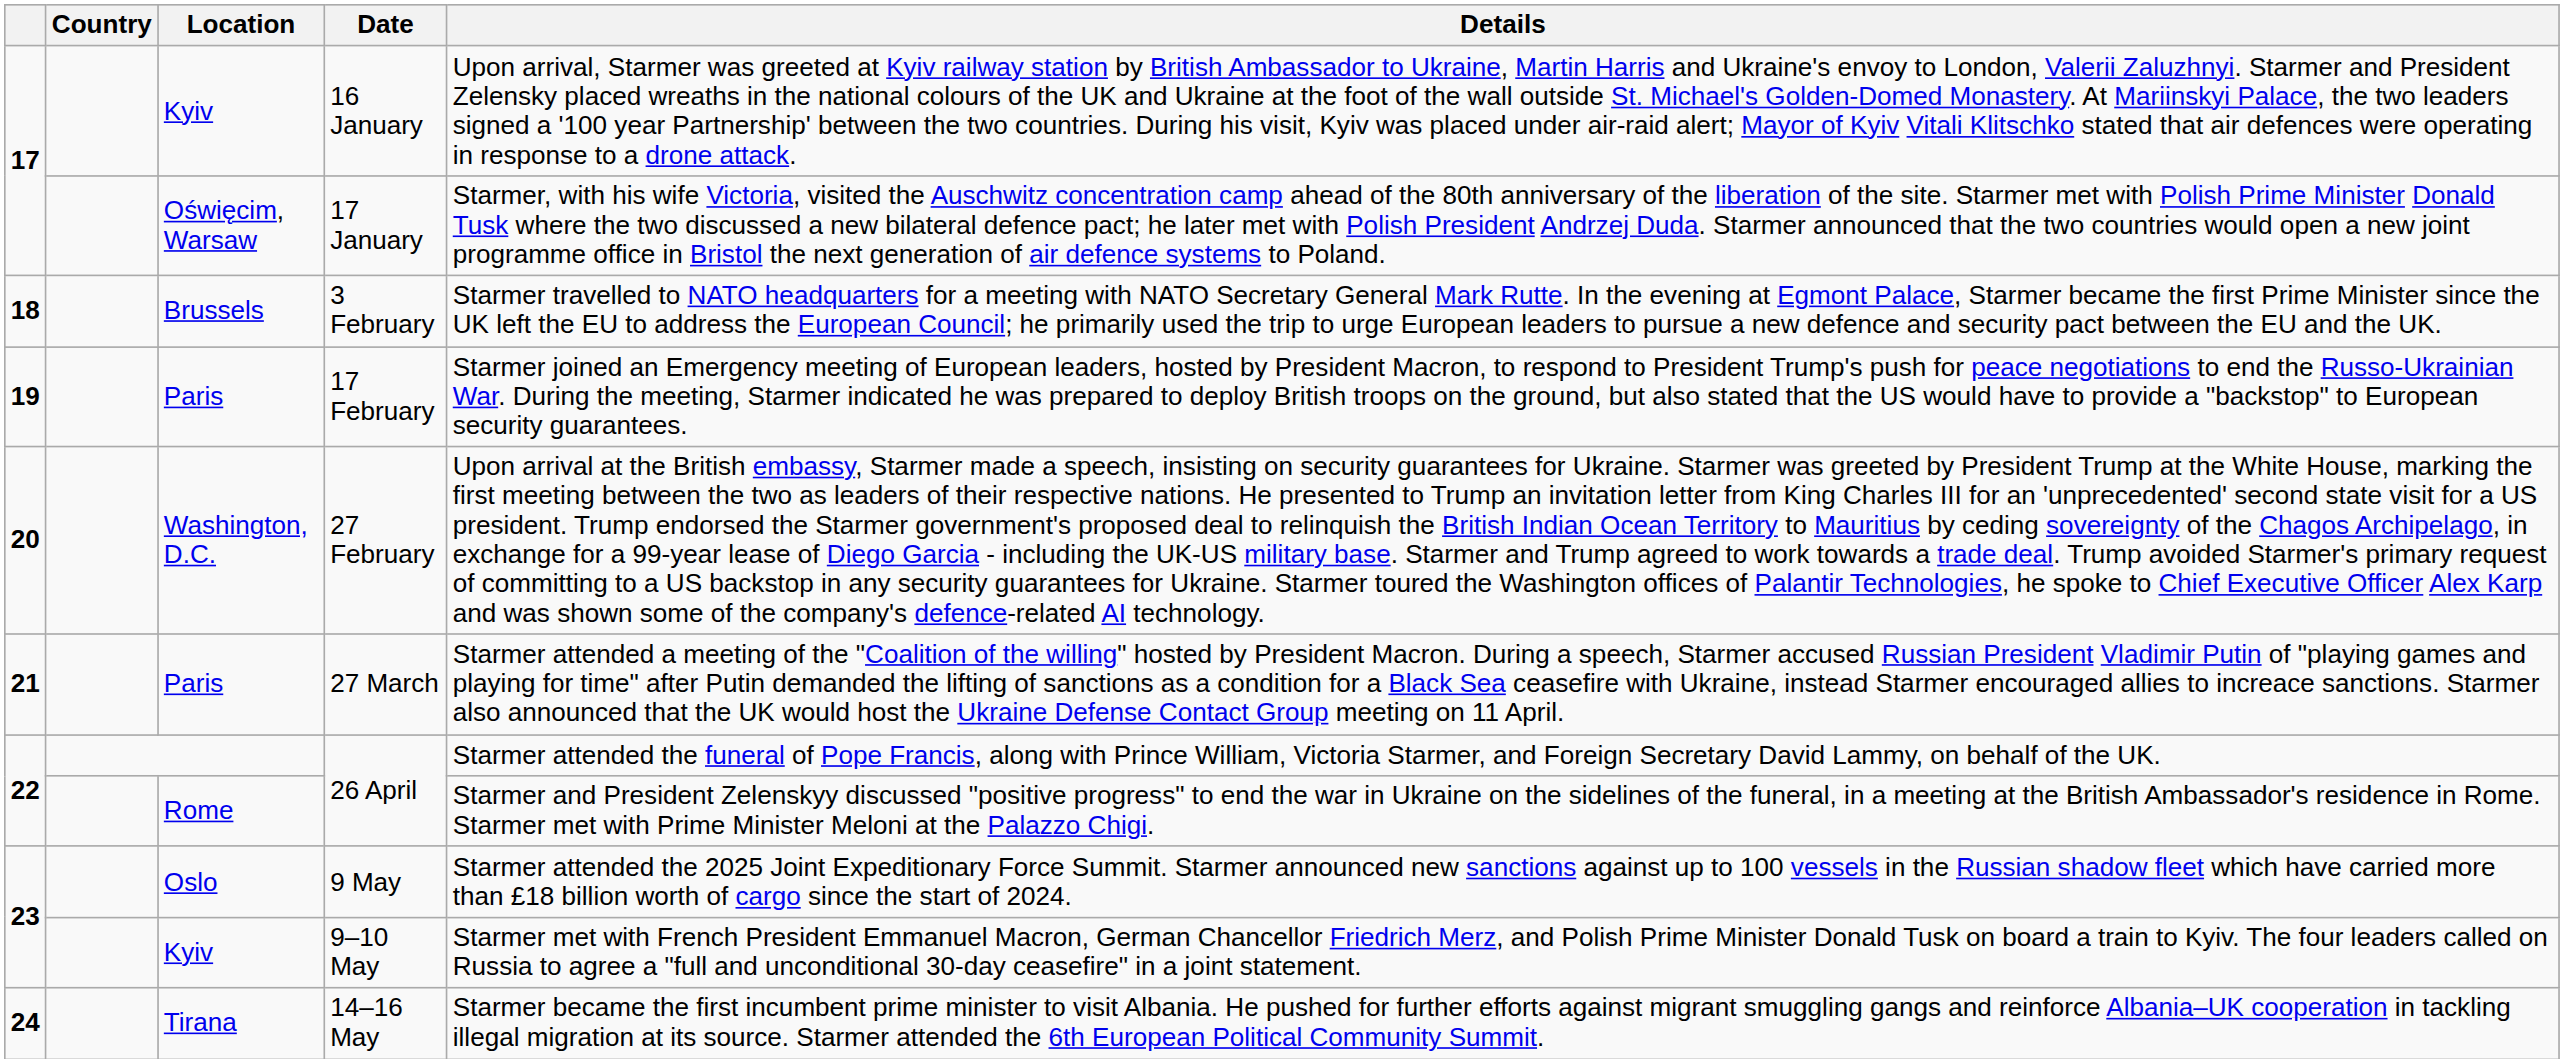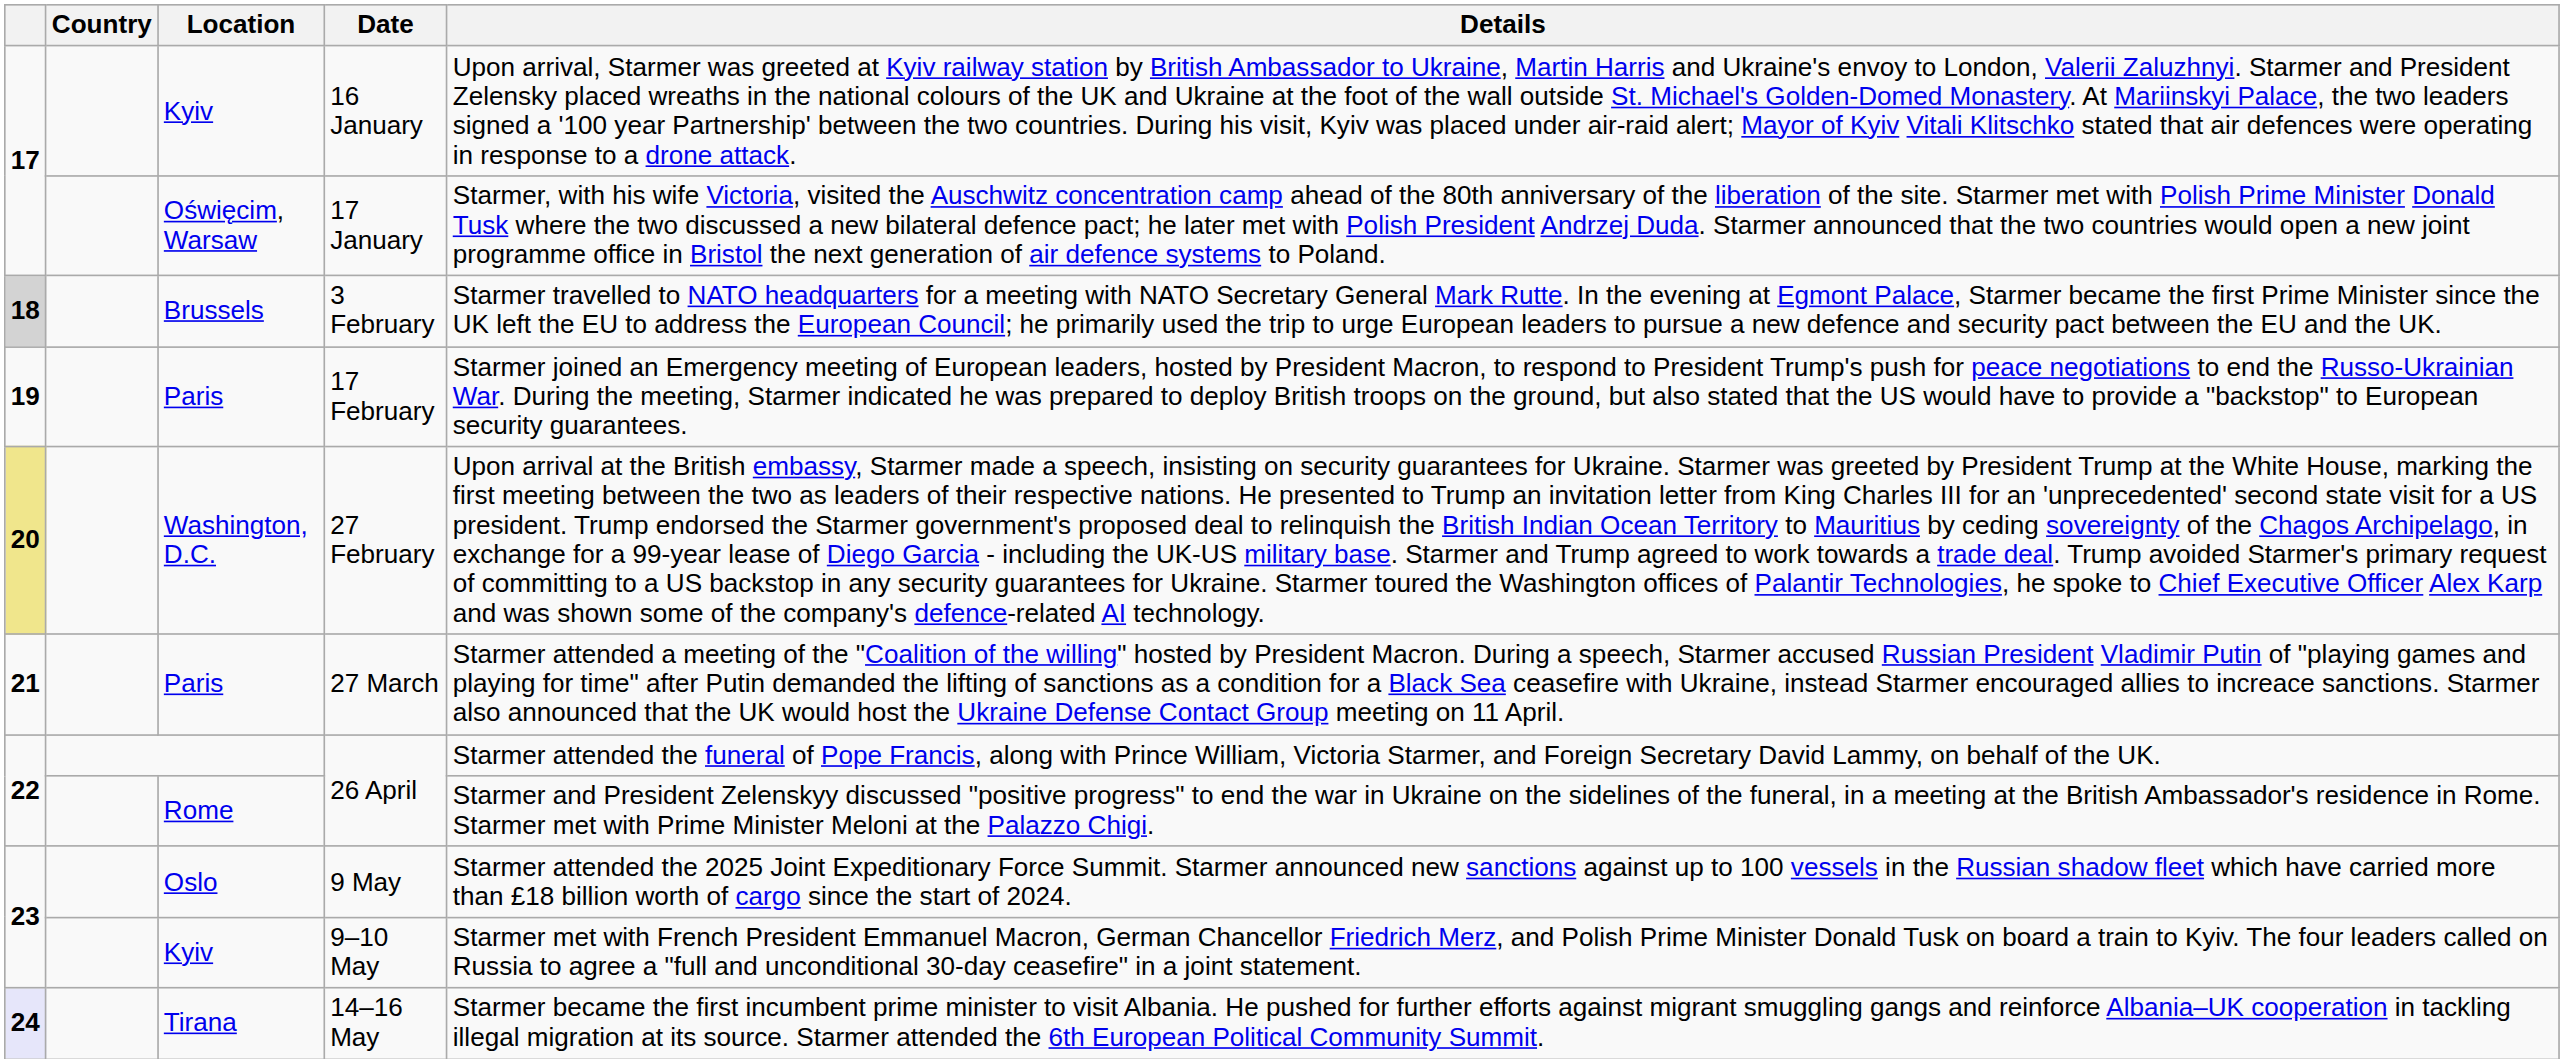 <table class="wikitable sortable">
 <tr>
 <th></th>
 <th>Country</th>
 <th>Location</th>
 <th class=unsortable>Date</th>
 <th class=unsortable>Details</th>
 </tr>
 <tr>
 <td rowspan=2><strong>17</strong></td>
 <td></td>
 <td><a href='#'>Kyiv</a></td>
 <td>16 January</td>
 <td>Upon arrival, Starmer was greeted at <a href='#'>Kyiv railway station</a> by <a href='#'>British Ambassador to Ukraine</a>, <a href='#'>Martin Harris</a> and Ukraine's envoy to London, <a href='#'>Valerii Zaluzhnyi</a>. Starmer and President Zelensky placed wreaths in the national colours of the UK and Ukraine at the foot of the wall outside <a href='#'>St. Michael's Golden-Domed Monastery</a>. At <a href='#'>Mariinskyi Palace</a>, the two leaders signed a '100 year Partnership' between the two countries. During his visit, Kyiv was placed under air-raid alert; <a href='#'>Mayor of Kyiv</a> <a href='#'>Vitali Klitschko</a> stated that air defences were operating in response to a <a href='#'>drone attack</a>.</td>
 </tr>
 <tr>
 <td></td>
 <td><a href='#'>Oświęcim</a>,<br><a href='#'>Warsaw</a></td>
 <td>17 January</td>
 <td>Starmer, with his wife <a href='#'>Victoria</a>, visited the <a href='#'>Auschwitz concentration camp</a> ahead of the 80th anniversary of the <a href='#'>liberation</a> of the site. Starmer met with <a href='#'>Polish Prime Minister</a> <a href='#'>Donald Tusk</a> where the two discussed a new bilateral defence pact; he later met with <a href='#'>Polish President</a> <a href='#'>Andrzej Duda</a>. Starmer announced that the two countries would open a new joint programme office in <a href='#'>Bristol</a> the next generation of <a href='#'>air defence systems</a> to Poland.</td>
 </tr>
 <tr>
-<td><strong>18</strong></td>
+<td style="background: lightgrey;"><strong>18</strong></td>
 <td></td>
 <td><a href='#'>Brussels</a></td>
 <td>3 February</td>
 <td>Starmer travelled to <a href='#'>NATO headquarters</a> for a meeting with NATO Secretary General <a href='#'>Mark Rutte</a>. In the evening at <a href='#'>Egmont Palace</a>, Starmer became the first Prime Minister since the UK left the EU to address the <a href='#'>European Council</a>; he primarily used the trip to urge European leaders to pursue a new defence and security pact between the EU and the UK.</td>
 </tr>
 <tr>
 <td><strong>19</strong></td>
 <td></td>
 <td><a href='#'>Paris</a></td>
 <td>17 February</td>
 <td>Starmer joined an Emergency meeting of European leaders, hosted by President Macron, to respond to President Trump's push for <a href='#'>peace negotiations</a> to end the <a href='#'>Russo-Ukrainian War</a>. During the meeting, Starmer indicated he was prepared to deploy British troops on the ground, but also stated that the US would have to provide a "backstop" to European security guarantees.</td>
 </tr>
 <tr>
-<td><strong>20</strong></td>
+<td style="background: khaki;"><strong>20</strong></td>
 <td></td>
 <td><a href='#'>Washington, D.C.</a></td>
 <td>27 February</td>
 <td>Upon arrival at the British <a href='#'>embassy</a>, Starmer made a speech, insisting on security guarantees for Ukraine. Starmer was greeted by President Trump at the White House, marking the first meeting between the two as leaders of their respective nations. He presented to Trump an invitation letter from King Charles III for an 'unprecedented' second state visit for a US president. Trump endorsed the Starmer government's proposed deal to relinquish the <a href='#'>British Indian Ocean Territory</a> to <a href='#'>Mauritius</a> by ceding <a href='#'>sovereignty</a> of the <a href='#'>Chagos Archipelago</a>, in exchange for a 99-year lease of <a href='#'>Diego Garcia</a> - including the UK-US <a href='#'>military base</a>. Starmer and Trump agreed to work towards a <a href='#'>trade deal</a>. Trump avoided Starmer's primary request of committing to a US backstop in any security guarantees for Ukraine. Starmer toured the Washington offices of <a href='#'>Palantir Technologies</a>, he spoke to <a href='#'>Chief Executive Officer</a> <a href='#'>Alex Karp</a> and was shown some of the company's <a href='#'>defence</a>-related <a href='#'>AI</a> technology.</td>
 </tr>
 <tr>
 <td><strong>21</strong></td>
 <td></td>
 <td><a href='#'>Paris</a></td>
 <td>27 March</td>
 <td>Starmer attended a meeting of the "<a href='#'>Coalition of the willing</a>" hosted by President Macron. During a speech, Starmer accused <a href='#'>Russian President</a> <a href='#'>Vladimir Putin</a> of "playing games and playing for time" after Putin demanded the lifting of sanctions as a condition for a <a href='#'>Black Sea</a> ceasefire with Ukraine, instead Starmer encouraged allies to increace sanctions. Starmer also announced that the UK would host the <a href='#'>Ukraine Defense Contact Group</a> meeting on 11 April.</td>
 </tr>
 <tr>
 <td rowspan="2"><strong>22</strong></td>
 <td colspan="2"></td>
 <td rowspan="2">26 April</td>
 <td>Starmer attended the <a href='#'>funeral</a> of <a href='#'>Pope Francis</a>, along with Prince William, Victoria Starmer, and Foreign Secretary David Lammy, on behalf of the UK.</td>
 </tr>
 <tr>
 <td></td>
 <td><a href='#'>Rome</a></td>
 <td>Starmer and President Zelenskyy discussed "positive progress" to end the war in Ukraine on the sidelines of the funeral, in a meeting at the British Ambassador's residence in Rome. Starmer met with Prime Minister Meloni at the <a href='#'>Palazzo Chigi</a>.</td>
 </tr>
 <tr>
 <td rowspan="2"><strong>23</strong></td>
 <td></td>
 <td><a href='#'>Oslo</a></td>
 <td>9 May</td>
 <td>Starmer attended the 2025 Joint Expeditionary Force Summit. Starmer announced new <a href='#'>sanctions</a> against up to 100 <a href='#'>vessels</a> in the <a href='#'>Russian shadow fleet</a> which have carried more than £18 billion worth of <a href='#'>cargo</a> since the start of 2024.</td>
 </tr>
 <tr>
 <td></td>
 <td><a href='#'>Kyiv</a></td>
 <td>9–10 May</td>
 <td>Starmer met with French President Emmanuel Macron, German Chancellor <a href='#'>Friedrich Merz</a>, and Polish Prime Minister Donald Tusk on board a train to Kyiv. The four leaders called on Russia to agree a "full and unconditional 30-day ceasefire" in a joint statement.</td>
 </tr>
 <tr>
-<td><strong>24</strong></td>
+<td style="background: lavender;"><strong>24</strong></td>
 <td></td>
 <td><a href='#'>Tirana</a></td>
 <td>14–16 May</td>
 <td>Starmer became the first incumbent prime minister to visit Albania. He pushed for further efforts against migrant smuggling gangs and reinforce <a href='#'>Albania–UK cooperation</a> in tackling illegal migration at its source. Starmer attended the <a href='#'>6th European Political Community Summit</a>.</td>
 </tr>
 </table>
